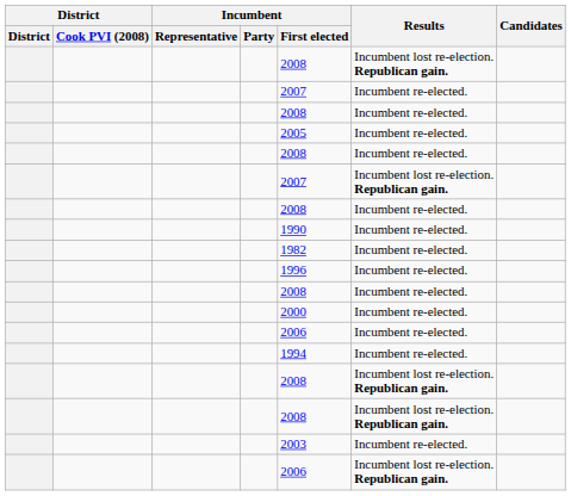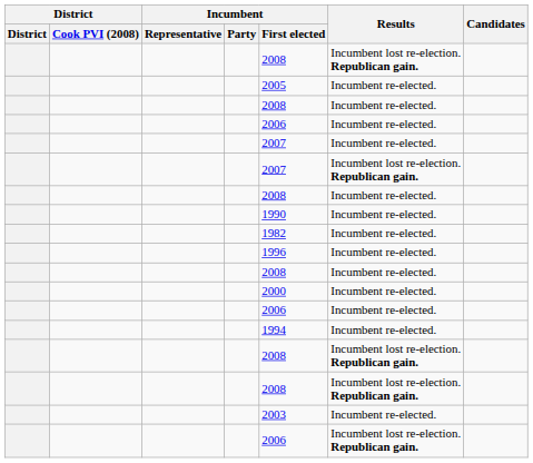 <table class="wikitable sortable">
 <tr>
 <th colspan=2>District</th>
 <th colspan=3>Incumbent</th>
 <th rowspan=2>Results</th>
 <th rowspan=2>Candidates</th>
 </tr>
 <tr valign=bottom>
 <th>District</th>
 <th><a href='#'>Cook PVI</a> (2008)</th>
 <th>Representative</th>
 <th>Party</th>
 <th>First elected</th>
 </tr>
 <tr>
 <th></th>
 <td></td>
 <td></td>
 <td></td>
 <td><a href='#'>2008</a></td>
 <td>Incumbent lost re-election.<br><strong>Republican gain.</strong></td>
 <td nowrap></td>
 </tr>
 <tr>
 <th></th>
 <td></td>
 <td></td>
 <td></td>
-<td><a href='#'>2007 </a></td>
+<td><a href='#'>2005 </a></td>
 <td>Incumbent re-elected.</td>
 <td nowrap></td>
 </tr>
 <tr>
 <th></th>
 <td></td>
 <td></td>
 <td></td>
 <td><a href='#'>2008</a></td>
 <td>Incumbent re-elected.</td>
 <td nowrap></td>
 </tr>
 <tr>
 <th></th>
 <td></td>
 <td></td>
 <td></td>
-<td><a href='#'>2005</a></td>
+<td><a href='#'>2006</a></td>
 <td>Incumbent re-elected.</td>
 <td nowrap></td>
 </tr>
 <tr>
 <th></th>
 <td></td>
 <td></td>
 <td></td>
-<td><a href='#'>2008 </a></td>
+<td><a href='#'>2007 </a></td>
 <td>Incumbent re-elected.</td>
 <td nowrap></td>
 </tr>
 <tr>
 <th></th>
 <td></td>
 <td></td>
 <td></td>
 <td><a href='#'>2007</a></td>
 <td>Incumbent lost re-election.<br><strong>Republican gain.</strong></td>
 <td nowrap></td>
 </tr>
 <tr>
 <th></th>
 <td></td>
 <td></td>
 <td></td>
 <td><a href='#'>2008</a></td>
 <td>Incumbent re-elected.</td>
 <td nowrap></td>
 </tr>
 <tr>
 <th></th>
 <td></td>
 <td></td>
 <td></td>
 <td><a href='#'>1990</a></td>
 <td>Incumbent re-elected.</td>
 <td nowrap></td>
 </tr>
 <tr>
 <th></th>
 <td></td>
 <td></td>
 <td></td>
 <td><a href='#'>1982</a></td>
 <td>Incumbent re-elected.</td>
 <td nowrap></td>
 </tr>
 <tr>
 <th></th>
 <td></td>
 <td></td>
 <td></td>
 <td><a href='#'>1996</a></td>
 <td>Incumbent re-elected.</td>
 <td nowrap></td>
 </tr>
 <tr>
 <th></th>
 <td></td>
 <td></td>
 <td></td>
 <td><a href='#'>2008</a></td>
 <td>Incumbent re-elected.</td>
 <td nowrap></td>
 </tr>
 <tr>
 <th></th>
 <td></td>
 <td></td>
 <td></td>
 <td><a href='#'>2000</a></td>
 <td>Incumbent re-elected.</td>
 <td nowrap></td>
 </tr>
 <tr>
 <th></th>
 <td></td>
 <td></td>
 <td></td>
 <td><a href='#'>2006</a></td>
 <td>Incumbent re-elected.</td>
 <td nowrap></td>
 </tr>
 <tr>
 <th></th>
 <td></td>
 <td></td>
 <td></td>
 <td><a href='#'>1994</a></td>
 <td>Incumbent re-elected.</td>
 <td nowrap></td>
 </tr>
 <tr>
 <th></th>
 <td></td>
 <td></td>
 <td></td>
 <td><a href='#'>2008</a></td>
 <td>Incumbent lost re-election.<br><strong>Republican gain.</strong></td>
 <td nowrap></td>
 </tr>
 <tr>
 <th></th>
 <td></td>
 <td></td>
 <td></td>
 <td><a href='#'>2008</a></td>
 <td>Incumbent lost re-election.<br><strong>Republican gain.</strong></td>
 <td nowrap></td>
 </tr>
 <tr>
 <th></th>
 <td></td>
 <td></td>
 <td></td>
 <td><a href='#'>2003</a></td>
 <td>Incumbent re-elected.</td>
 <td nowrap></td>
 </tr>
 <tr>
 <th></th>
 <td></td>
 <td></td>
 <td></td>
 <td><a href='#'>2006</a></td>
 <td>Incumbent lost re-election.<br><strong>Republican gain.</strong></td>
 <td nowrap></td>
 </tr>
 </table>
